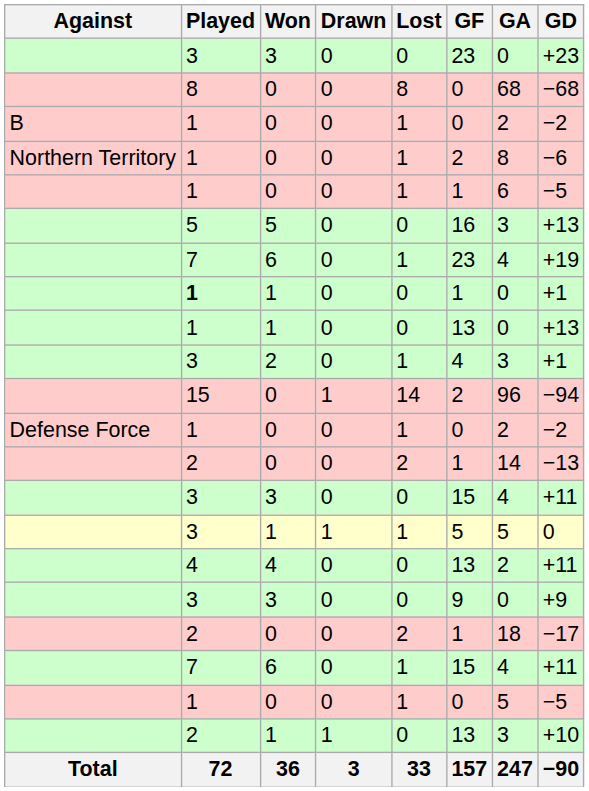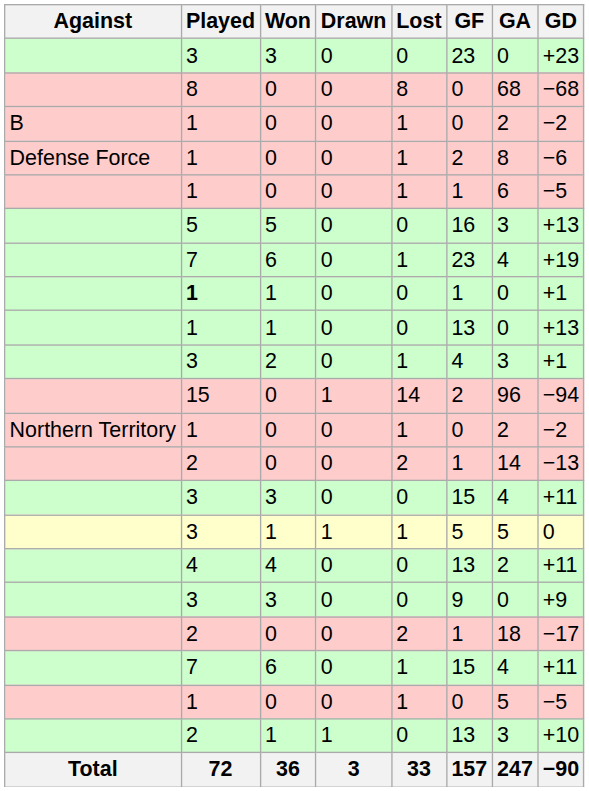 <table class="sortable wikitable">
 <tr>
 <th>Against</th>
 <th>Played</th>
 <th>Won</th>
 <th>Drawn</th>
 <th>Lost</th>
 <th>GF</th>
 <th>GA</th>
 <th>GD</th>
 </tr>
 <tr bgcolor=#CCFFCC>
 <td style="text-align:left;"></td>
 <td>3</td>
 <td>3</td>
 <td>0</td>
 <td>0</td>
 <td>23</td>
 <td>0</td>
 <td>+23</td>
 </tr>
 <tr bgcolor=#FFCCCC>
 <td style="text-align:left;"></td>
 <td>8</td>
 <td>0</td>
 <td>0</td>
 <td>8</td>
 <td>0</td>
 <td>68</td>
 <td>−68</td>
 </tr>
 <tr bgcolor=#FFCCCC>
 <td style="text-align:left;"> B</td>
 <td>1</td>
 <td>0</td>
 <td>0</td>
 <td>1</td>
 <td>0</td>
 <td>2</td>
 <td>−2</td>
 </tr>
 <tr bgcolor=#FFCCCC>
-<td style="text-align:left;"> Northern Territory</td>
+<td style="text-align:left;"> Defense Force</td>
 <td>1</td>
 <td>0</td>
 <td>0</td>
 <td>1</td>
 <td>2</td>
 <td>8</td>
 <td>−6</td>
 </tr>
 <tr bgcolor=#FFCCCC>
 <td style="text-align:left;"></td>
 <td>1</td>
 <td>0</td>
 <td>0</td>
 <td>1</td>
 <td>1</td>
 <td>6</td>
 <td>−5</td>
 </tr>
 <tr bgcolor=#CCFFCC>
 <td style="text-align:left;"></td>
 <td>5</td>
 <td>5</td>
 <td>0</td>
 <td>0</td>
 <td>16</td>
 <td>3</td>
 <td>+13</td>
 </tr>
 <tr bgcolor=#CCFFCC>
 <td style="text-align:left;"></td>
 <td>7</td>
 <td>6</td>
 <td>0</td>
 <td>1</td>
 <td>23</td>
 <td>4</td>
 <td>+19</td>
 </tr>
 <tr bgcolor=#CCFFCC>
 <td style="text-align:left;"></td>
 <td><strong>1</strong></td>
 <td>1</td>
 <td>0</td>
 <td>0</td>
 <td>1</td>
 <td>0</td>
 <td>+1</td>
 </tr>
 <tr bgcolor=#CCFFCC>
 <td style="text-align:left;"></td>
 <td>1</td>
 <td>1</td>
 <td>0</td>
 <td>0</td>
 <td>13</td>
 <td>0</td>
 <td>+13</td>
 </tr>
 <tr bgcolor=#CCFFCC>
 <td style="text-align:left;"></td>
 <td>3</td>
 <td>2</td>
 <td>0</td>
 <td>1</td>
 <td>4</td>
 <td>3</td>
 <td>+1</td>
 </tr>
 <tr bgcolor=#FFCCCC>
 <td style="text-align:left;"></td>
 <td>15</td>
 <td>0</td>
 <td>1</td>
 <td>14</td>
 <td>2</td>
 <td>96</td>
 <td>−94</td>
 </tr>
 <tr bgcolor=#FFCCCC>
-<td style="text-align:left;"> Defense Force</td>
+<td style="text-align:left;"> Northern Territory</td>
 <td>1</td>
 <td>0</td>
 <td>0</td>
 <td>1</td>
 <td>0</td>
 <td>2</td>
 <td>−2</td>
 </tr>
 <tr bgcolor=#FFCCCC>
 <td style="text-align:left;"></td>
 <td>2</td>
 <td>0</td>
 <td>0</td>
 <td>2</td>
 <td>1</td>
 <td>14</td>
 <td>−13</td>
 </tr>
 <tr bgcolor=#CCFFCC>
 <td style="text-align:left;"></td>
 <td>3</td>
 <td>3</td>
 <td>0</td>
 <td>0</td>
 <td>15</td>
 <td>4</td>
 <td>+11</td>
 </tr>
 <tr bgcolor=#FFFFCC>
 <td style="text-align:left;"></td>
 <td>3</td>
 <td>1</td>
 <td>1</td>
 <td>1</td>
 <td>5</td>
 <td>5</td>
 <td>0</td>
 </tr>
 <tr bgcolor=#CCFFCC>
 <td style="text-align:left;"></td>
 <td>4</td>
 <td>4</td>
 <td>0</td>
 <td>0</td>
 <td>13</td>
 <td>2</td>
 <td>+11</td>
 </tr>
 <tr bgcolor=#CCFFCC>
 <td style="text-align:left;"></td>
 <td>3</td>
 <td>3</td>
 <td>0</td>
 <td>0</td>
 <td>9</td>
 <td>0</td>
 <td>+9</td>
 </tr>
 <tr bgcolor=#FFCCCC>
 <td style="text-align:left;"></td>
 <td>2</td>
 <td>0</td>
 <td>0</td>
 <td>2</td>
 <td>1</td>
 <td>18</td>
 <td>−17</td>
 </tr>
 <tr bgcolor=#CCFFCC>
 <td style="text-align:left;"></td>
 <td>7</td>
 <td>6</td>
 <td>0</td>
 <td>1</td>
 <td>15</td>
 <td>4</td>
 <td>+11</td>
 </tr>
 <tr bgcolor=#FFCCCC>
 <td style="text-align:left;"></td>
 <td>1</td>
 <td>0</td>
 <td>0</td>
 <td>1</td>
 <td>0</td>
 <td>5</td>
 <td>−5</td>
 </tr>
 <tr bgcolor=#CCFFCC>
 <td style="text-align:left;"></td>
 <td>2</td>
 <td>1</td>
 <td>1</td>
 <td>0</td>
 <td>13</td>
 <td>3</td>
 <td>+10</td>
 </tr>
 <tr class="sortbottom">
 <th>Total</th>
 <th>72</th>
 <th>36</th>
 <th>3</th>
 <th>33</th>
 <th>157</th>
 <th>247</th>
 <th>−90</th>
 </tr>
 </table>
